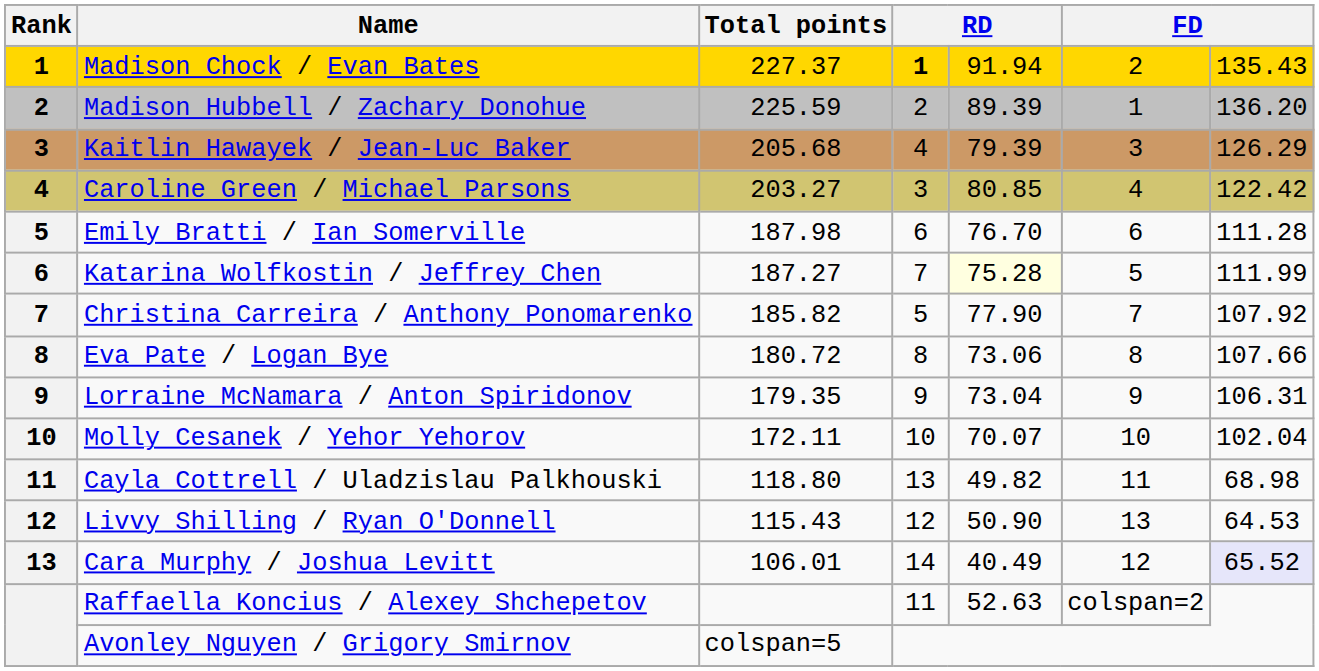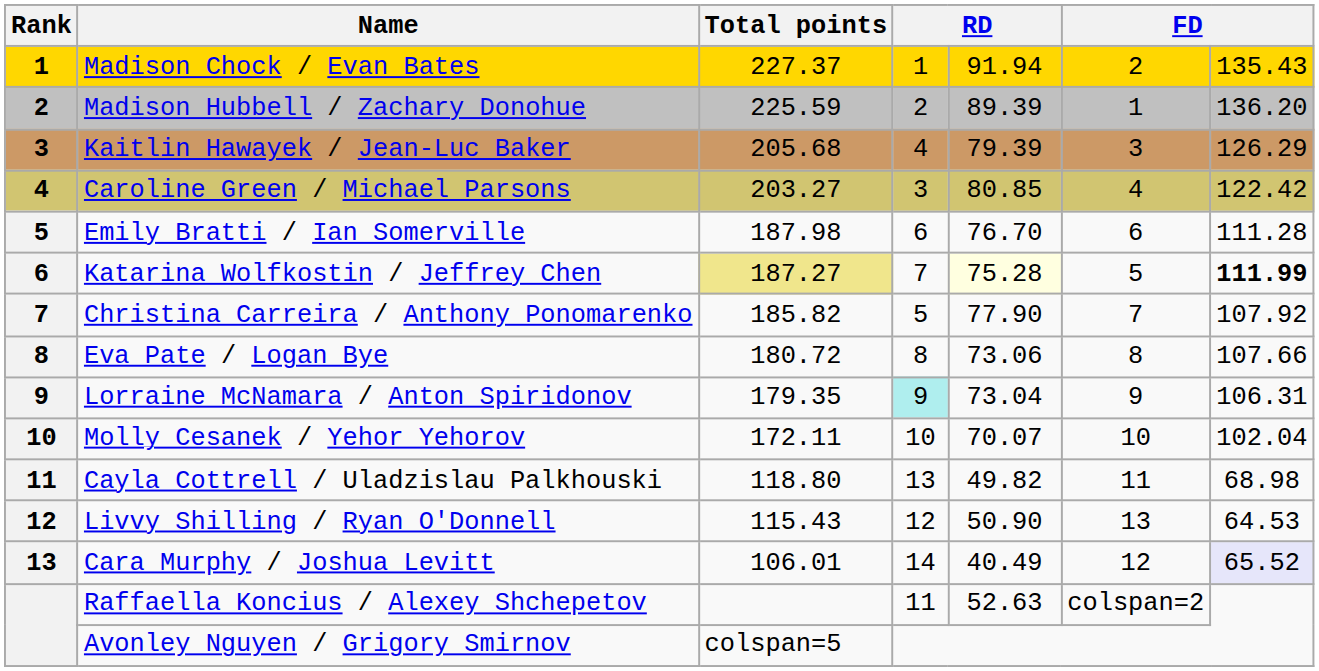 <table class="wikitable sortable">
 <tr>
 <th>Rank</th>
 <th>Name</th>
 <th>Total points</th>
 <th colspan="2" width="80px"><a href='#'>RD</a></th>
 <th colspan="2" width="80px"><a href='#'>FD</a></th>
 </tr>
 <tr bgcolor="gold">
 <td align="center"><strong>1</strong></td>
 <td><a href='#'>Madison Chock</a> / <a href='#'>Evan Bates</a></td>
 <td align="center">227.37</td>
-<td align="center"><strong>1</strong></td>
+<td align="center">1</td>
 <td align="center">91.94</td>
 <td align="center">2</td>
 <td align="center">135.43</td>
 </tr>
 <tr bgcolor="silver">
 <td align="center"><strong>2</strong></td>
 <td><a href='#'>Madison Hubbell</a> / <a href='#'>Zachary Donohue</a></td>
 <td align="center">225.59</td>
 <td align="center">2</td>
 <td align="center">89.39</td>
 <td align="center">1</td>
 <td align="center">136.20</td>
 </tr>
 <tr bgcolor="cc9966">
 <td align="center"><strong>3</strong></td>
 <td><a href='#'>Kaitlin Hawayek</a> / <a href='#'>Jean-Luc Baker</a></td>
 <td align="center">205.68</td>
 <td align="center">4</td>
 <td align="center">79.39</td>
 <td align="center">3</td>
 <td align="center">126.29</td>
 </tr>
 <tr bgcolor="#d1c571">
 <td align="center"><strong>4</strong></td>
 <td><a href='#'>Caroline Green</a> / <a href='#'>Michael Parsons</a></td>
 <td align="center">203.27</td>
 <td align="center">3</td>
 <td align="center">80.85</td>
 <td align="center">4</td>
 <td align="center">122.42</td>
 </tr>
 <tr>
 <th>5</th>
 <td><a href='#'>Emily Bratti</a> / <a href='#'>Ian Somerville</a></td>
 <td align="center">187.98</td>
 <td align="center">6</td>
 <td align="center">76.70</td>
 <td align="center">6</td>
 <td align="center">111.28</td>
 </tr>
 <tr>
 <th>6</th>
 <td><a href='#'>Katarina Wolfkostin</a> / <a href='#'>Jeffrey Chen</a></td>
-<td align="center">187.27</td>
+<td align="center" style="background: khaki;">187.27</td>
 <td align="center">7</td>
 <td align="center" style="background: lightyellow;">75.28</td>
 <td align="center">5</td>
-<td align="center">111.99</td>
+<td align="center"><strong>111.99</strong></td>
 </tr>
 <tr>
 <th>7</th>
 <td><a href='#'>Christina Carreira</a> / <a href='#'>Anthony Ponomarenko</a></td>
 <td align="center">185.82</td>
 <td align="center">5</td>
 <td align="center">77.90</td>
 <td align="center">7</td>
 <td align="center">107.92</td>
 </tr>
 <tr>
 <th>8</th>
 <td><a href='#'>Eva Pate</a> / <a href='#'>Logan Bye</a></td>
 <td align="center">180.72</td>
 <td align="center">8</td>
 <td align="center">73.06</td>
 <td align="center">8</td>
 <td align="center">107.66</td>
 </tr>
 <tr>
 <th>9</th>
 <td><a href='#'>Lorraine McNamara</a> / <a href='#'>Anton Spiridonov</a></td>
 <td align="center">179.35</td>
-<td align="center">9</td>
+<td align="center" style="background: paleturquoise;">9</td>
 <td align="center">73.04</td>
 <td align="center">9</td>
 <td align="center">106.31</td>
 </tr>
 <tr>
 <th>10</th>
 <td><a href='#'>Molly Cesanek</a> / <a href='#'>Yehor Yehorov</a></td>
 <td align="center">172.11</td>
 <td align="center">10</td>
 <td align="center">70.07</td>
 <td align="center">10</td>
 <td align="center">102.04</td>
 </tr>
 <tr>
 <th>11</th>
 <td><a href='#'>Cayla Cottrell</a> / Uladzislau Palkhouski</td>
 <td align="center">118.80</td>
 <td align="center">13</td>
 <td align="center">49.82</td>
 <td align="center">11</td>
 <td align="center">68.98</td>
 </tr>
 <tr>
 <th>12</th>
 <td><a href='#'>Livvy Shilling</a> / <a href='#'>Ryan O'Donnell</a></td>
 <td align="center">115.43</td>
 <td align="center">12</td>
 <td align="center">50.90</td>
 <td align="center">13</td>
 <td align="center">64.53</td>
 </tr>
 <tr>
 <th>13</th>
 <td><a href='#'>Cara Murphy</a> / <a href='#'>Joshua Levitt</a></td>
 <td align="center">106.01</td>
 <td align="center">14</td>
 <td align="center">40.49</td>
 <td align="center">12</td>
 <td align="center" style="background: lavender;">65.52</td>
 </tr>
 <tr>
 <th rowspan="2"></th>
 <td><a href='#'>Raffaella Koncius</a> / <a href='#'>Alexey Shchepetov</a></td>
 <td></td>
 <td align="center">11</td>
 <td align="center">52.63</td>
 <td>colspan=2 </td>
 </tr>
 <tr>
 <td><a href='#'>Avonley Nguyen</a> / <a href='#'>Grigory Smirnov</a></td>
 <td>colspan=5 </td>
 </tr>
 </table>
